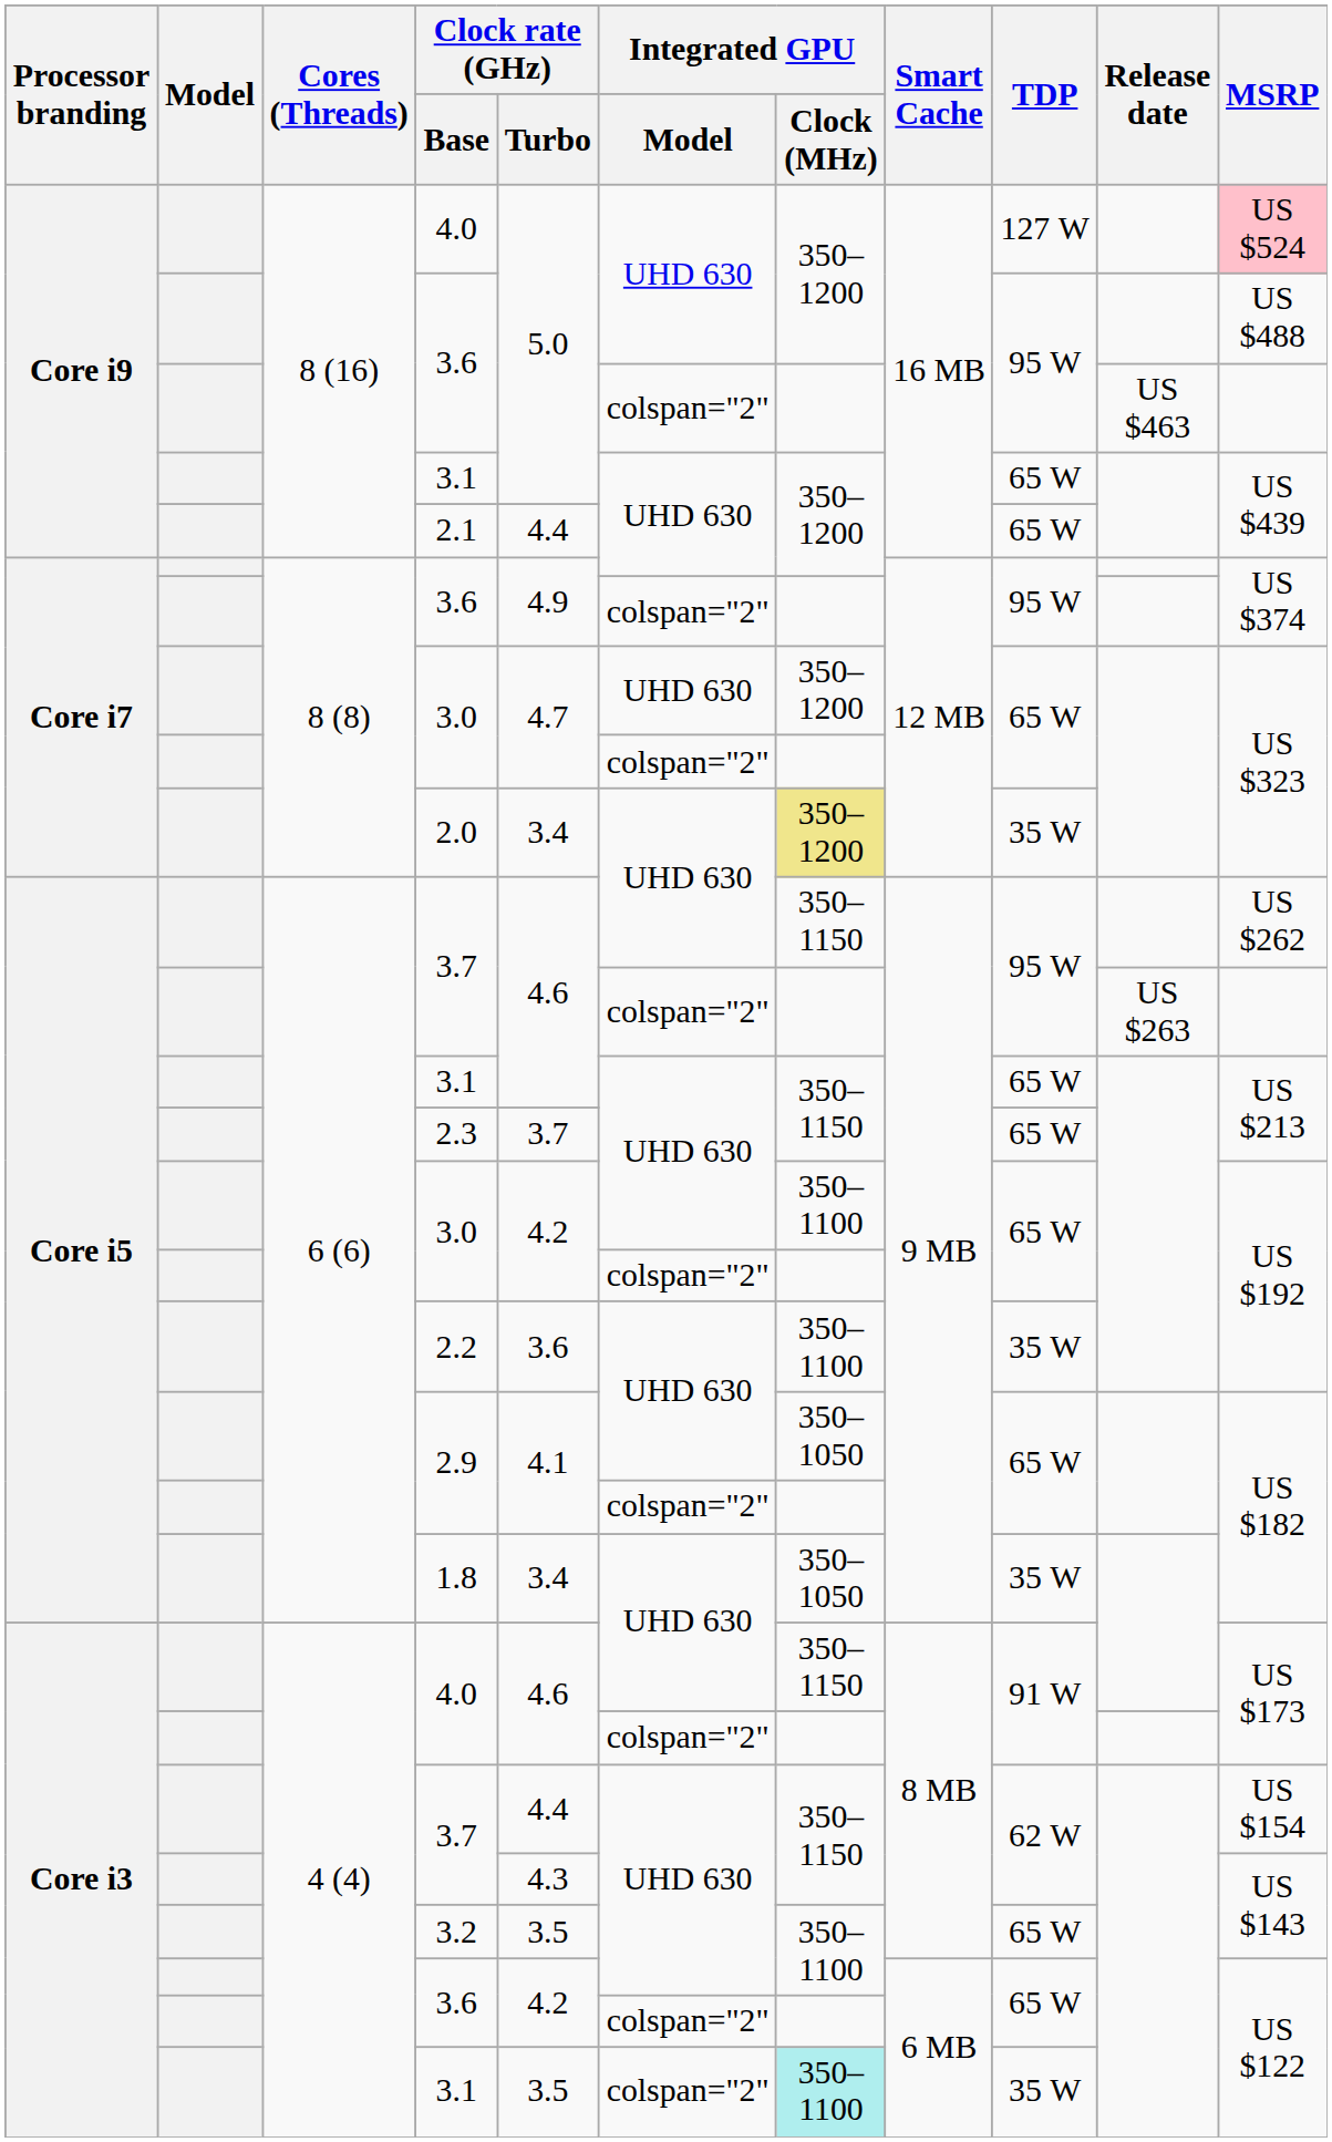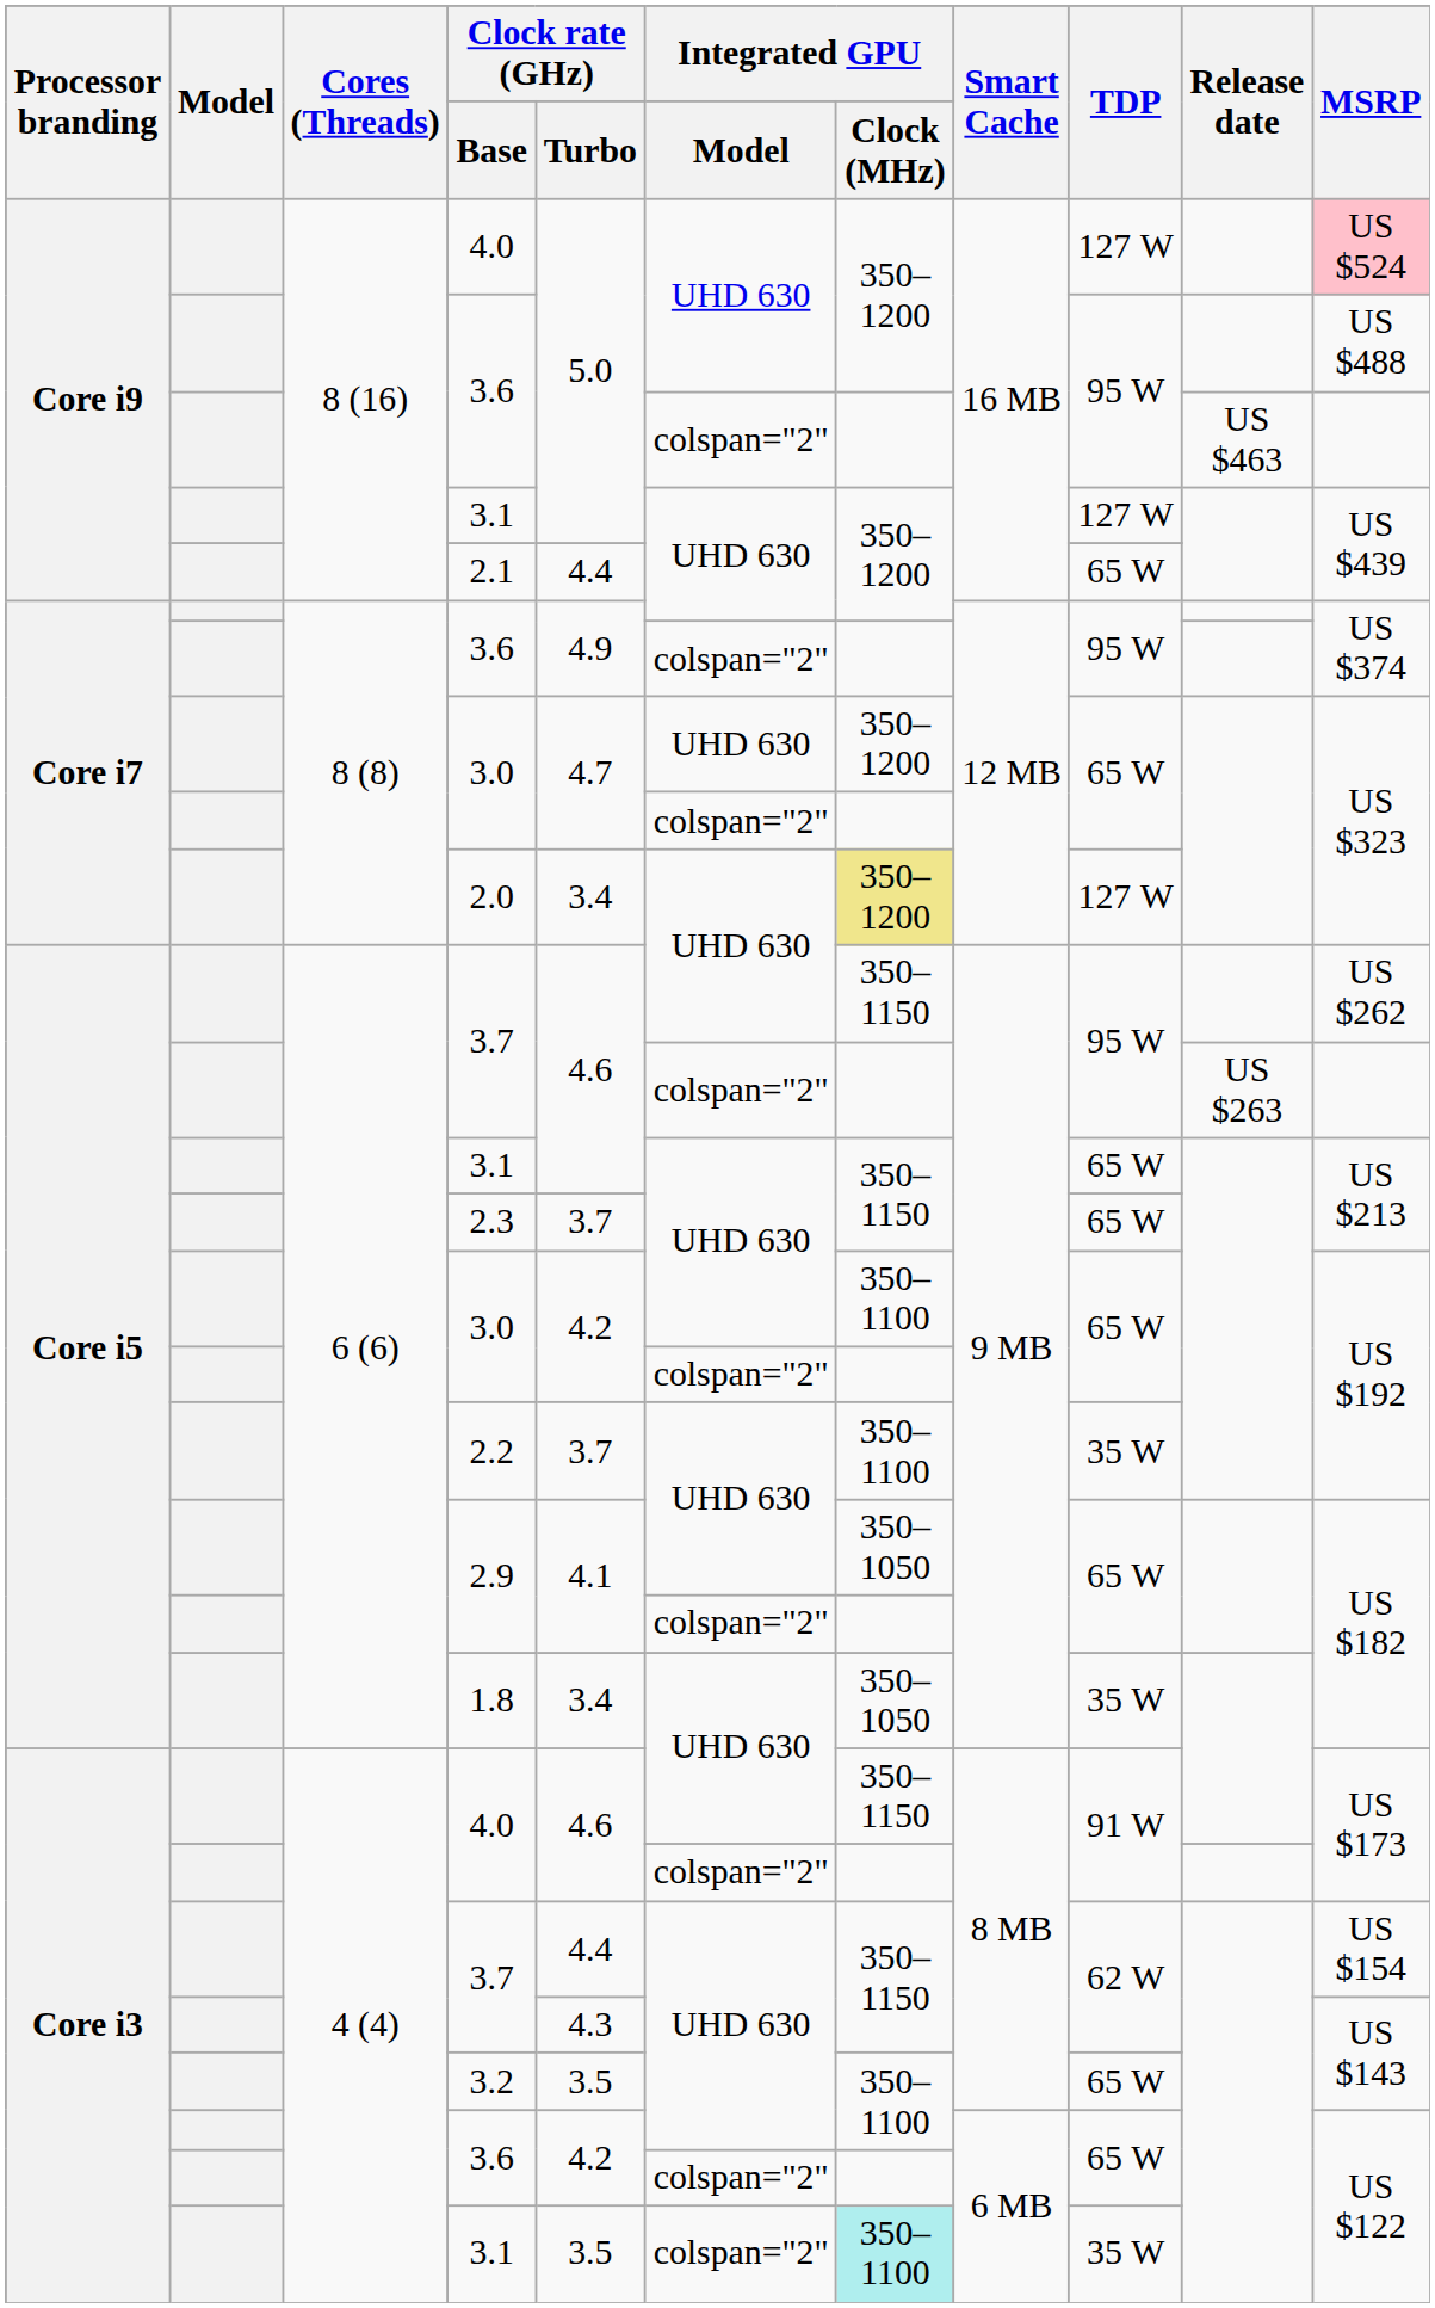 <table class="wikitable sortable nowrap" style="text-align: center;">
 <tr>
 <th class="unsortable" rowspan="2">Processor<br>branding</th>
 <th rowspan="2">Model</th>
 <th class="unsortable" rowspan="2"><a href='#'>Cores</a><br>(<a href='#'>Threads</a>)</th>
 <th colspan="2"><a href='#'>Clock rate</a> (GHz)</th>
 <th colspan="2">Integrated <a href='#'>GPU</a></th>
 <th class="unsortable" rowspan="2"><a href='#'>Smart<br>Cache</a></th>
 <th rowspan="2"><a href='#'>TDP</a></th>
 <th rowspan="2">Release<br>date</th>
 <th class="unsortable" rowspan="2"><a href='#'>MSRP</a></th>
 </tr>
 <tr>
 <th class="unsortable">Base</th>
 <th class="unsortable">Turbo</th>
 <th class="unsortable">Model</th>
 <th class="unsortable">Clock (MHz)</th>
 </tr>
 <tr>
 <th rowspan="5">Core i9</th>
 <th style="text-align:left;" data-sort-value="sku28"></th>
 <td rowspan="5">8 (16)</td>
 <td>4.0</td>
 <td rowspan="4">5.0</td>
 <td rowspan="2"><a href='#'>UHD 630</a></td>
 <td rowspan="2">350–1200</td>
 <td rowspan="5">16 MB</td>
 <td>127 W</td>
 <td></td>
 <td style="background: pink;">US $524</td>
 </tr>
 <tr>
 <th style="text-align:left;" data-sort-value="sku27"></th>
 <td rowspan="2">3.6</td>
 <td rowspan="2">95 W</td>
 <td></td>
 <td>US $488</td>
 </tr>
 <tr>
 <th style="text-align:left;" data-sort-value="sku26"></th>
 <td>colspan="2" </td>
 <td></td>
 <td>US $463</td>
 </tr>
 <tr>
 <th style="text-align:left;" data-sort-value="sku25"></th>
 <td>3.1</td>
 <td rowspan="3">UHD 630</td>
 <td rowspan="3">350–1200</td>
-<td>65 W</td>
+<td>127 W</td>
 <td rowspan="2"></td>
 <td rowspan=2>US $439</td>
 </tr>
 <tr>
 <th style="text-align:left;" data-sort-value="sku24"></th>
 <td>2.1</td>
 <td>4.4</td>
 <td>65 W</td>
 </tr>
 <tr>
 <th rowspan="5">Core i7</th>
 <th style="text-align:left;" data-sort-value="sku23"></th>
 <td rowspan="5">8 (8)</td>
 <td rowspan="2">3.6</td>
 <td rowspan="2">4.9</td>
 <td rowspan="5">12 MB</td>
 <td rowspan="2">95 W</td>
 <td></td>
 <td rowspan="2">US $374</td>
 </tr>
 <tr>
 <th style="text-align:left;" data-sort-value="sku22"></th>
 <td>colspan="2" </td>
 <td></td>
 </tr>
 <tr>
 <th style="text-align:left;" data-sort-value="sku21"></th>
 <td rowspan="2">3.0</td>
 <td rowspan="2">4.7</td>
 <td>UHD 630</td>
 <td>350–1200</td>
 <td rowspan="2">65 W</td>
 <td rowspan="3"></td>
 <td rowspan="3">US $323</td>
 </tr>
 <tr>
 <th style="text-align:left;" data-sort-value="sku20"></th>
 <td>colspan="2" </td>
 </tr>
 <tr>
 <th style="text-align:left;" data-sort-value="sku19"></th>
 <td>2.0</td>
 <td>3.4</td>
 <td rowspan="2">UHD 630</td>
 <td style="background: khaki;">350–1200</td>
-<td>35 W</td>
+<td>127 W</td>
 </tr>
 <tr>
 <th rowspan="10">Core i5</th>
 <th style="text-align:left;" data-sort-value="sku18"></th>
 <td rowspan="10">6 (6)</td>
 <td rowspan="2">3.7</td>
 <td rowspan="3">4.6</td>
 <td>350–1150</td>
 <td rowspan="10">9 MB</td>
 <td rowspan="2">95 W</td>
 <td></td>
 <td>US $262</td>
 </tr>
 <tr>
 <th style="text-align:left;" data-sort-value="sku17"></th>
 <td>colspan="2" </td>
 <td></td>
 <td>US $263</td>
 </tr>
 <tr>
 <th style="text-align:left;" data-sort-value="sku16"></th>
 <td>3.1</td>
 <td rowspan="3">UHD 630</td>
 <td rowspan="2">350–1150</td>
 <td>65 W</td>
 <td rowspan="5"></td>
 <td rowspan="2">US $213</td>
 </tr>
 <tr>
 <th style="text-align:left;" data-sort-value="sku15"></th>
 <td>2.3</td>
 <td>3.7</td>
 <td>65 W</td>
 </tr>
 <tr>
 <th style="text-align:left;" data-sort-value="sku14"></th>
 <td rowspan="2">3.0</td>
 <td rowspan="2">4.2</td>
 <td>350–1100</td>
 <td rowspan="2">65 W</td>
 <td rowspan="3">US $192</td>
 </tr>
 <tr>
 <th style="text-align:left;" data-sort-value="sku13"></th>
 <td>colspan="2" </td>
 </tr>
 <tr>
 <th style="text-align:left;" data-sort-value="sku12"></th>
 <td>2.2</td>
-<td>3.6</td>
+<td>3.7</td>
 <td rowspan="2">UHD 630</td>
 <td>350–1100</td>
 <td>35 W</td>
 </tr>
 <tr>
 <th style="text-align:left;" data-sort-value="sku11"></th>
 <td rowspan="2">2.9</td>
 <td rowspan="2">4.1</td>
 <td>350–1050</td>
 <td rowspan="2">65 W</td>
 <td rowspan="2"></td>
 <td rowspan="3">US $182</td>
 </tr>
 <tr>
 <th style="text-align:left;" data-sort-value="sku10"></th>
 <td>colspan="2" </td>
 </tr>
 <tr>
 <th style="text-align:left;" data-sort-value="sku9"></th>
 <td>1.8</td>
 <td>3.4</td>
 <td rowspan="2">UHD 630</td>
 <td>350–1050</td>
 <td>35 W</td>
 <td rowspan="2"></td>
 </tr>
 <tr>
 <th rowspan="8">Core i3</th>
 <th style="text-align:left;" data-sort-value="sku8"></th>
 <td rowspan="8">4 (4)</td>
 <td rowspan="2">4.0</td>
 <td rowspan="2">4.6</td>
 <td>350–1150</td>
 <td rowspan="5">8 MB</td>
 <td rowspan="2">91 W</td>
 <td rowspan="2">US $173</td>
 </tr>
 <tr>
 <th style="text-align:left;" data-sort-value="sku7"></th>
 <td>colspan="2" </td>
 <td></td>
 </tr>
 <tr>
 <th style="text-align:left;" data-sort-value="sku6"></th>
 <td rowspan="2">3.7</td>
 <td>4.4</td>
 <td rowspan="4">UHD 630</td>
 <td rowspan="2">350–1150</td>
 <td rowspan="2">62 W</td>
 <td rowspan="6"></td>
 <td>US $154</td>
 </tr>
 <tr>
 <th style="text-align:left;" data-sort-value="sku5"></th>
 <td>4.3</td>
 <td rowspan="2">US $143</td>
 </tr>
 <tr>
 <th style="text-align:left;" data-sort-value="sku4"></th>
 <td>3.2</td>
 <td>3.5</td>
 <td rowspan="2">350–1100</td>
 <td>65 W</td>
 </tr>
 <tr>
 <th style="text-align:left;" data-sort-value="sku3"></th>
 <td rowspan="2">3.6</td>
 <td rowspan="2">4.2</td>
 <td rowspan="3">6 MB</td>
 <td rowspan="2">65 W</td>
 <td rowspan="3">US $122</td>
 </tr>
 <tr>
 <th style="text-align:left;" data-sort-value="sku2"></th>
 <td>colspan="2" </td>
 </tr>
 <tr>
 <th style="text-align:left;" data-sort-value="sku1"></th>
 <td>3.1</td>
 <td>3.5</td>
 <td>colspan="2" </td>
 <td style="background: paleturquoise;">350–1100</td>
 <td>35 W</td>
 </tr>
 </table>
